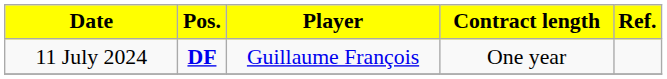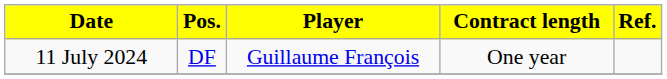 <table class="wikitable" style="text-align:center;">
 <tr>
 <th style="background:#FFFF00; color:#000000; width:120px;">Date</th>
 <th style="background:#FFFF00; color:#000000; width:25px;">Pos.</th>
 <th style="background:#FFFF00; color:#000000; width:150px;">Player</th>
 <th style="background:#FFFF00; color:#000000; width:120px;">Contract length</th>
 <th style="background:#FFFF00; color:#000000; width:25px;">Ref.</th>
 </tr>
 <tr>
 <td>11 July 2024</td>
-<td><strong><a href='#'>DF</a></strong></td>
+<td><a href='#'>DF</a></td>
 <td> <a href='#'>Guillaume François</a></td>
 <td>One year</td>
 <td></td>
 </tr>
 <tr>
 </tr>
 </table>
